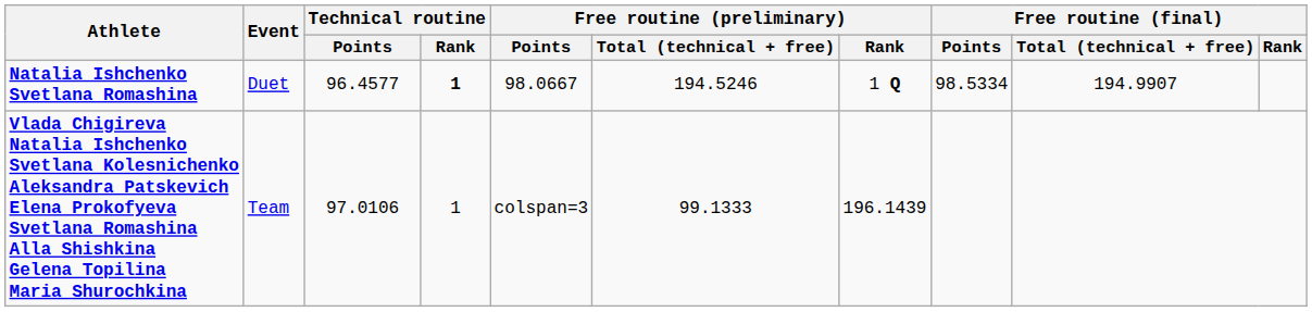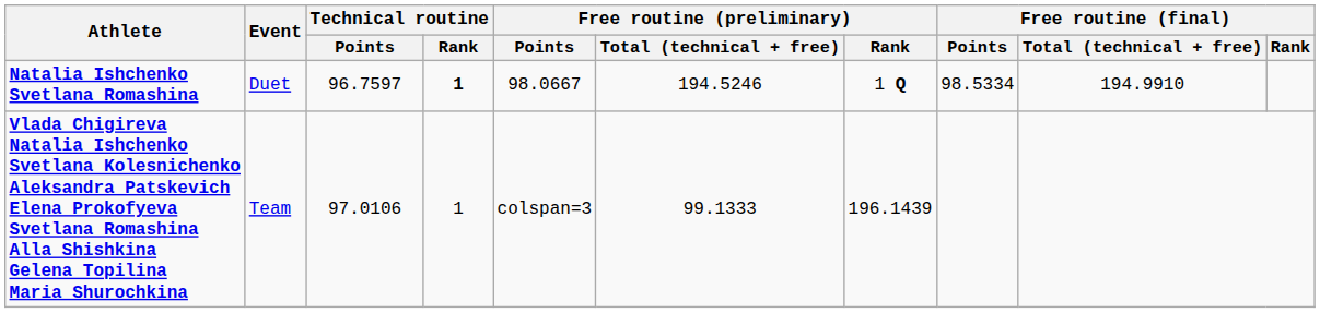 <table class="wikitable" style="font-size:90%">
 <tr>
 <th rowspan="2">Athlete</th>
 <th rowspan="2">Event</th>
 <th colspan=2>Technical routine</th>
 <th colspan=3>Free routine (preliminary)</th>
 <th colspan=3>Free routine (final)</th>
 </tr>
 <tr style="font-size:95%">
 <th>Points</th>
 <th>Rank</th>
 <th>Points</th>
 <th>Total (technical + free)</th>
 <th>Rank</th>
 <th>Points</th>
 <th>Total (technical + free)</th>
 <th>Rank</th>
 </tr>
 <tr align=center>
 <td align=left><strong><a href='#'>Natalia Ishchenko</a><br><a href='#'>Svetlana Romashina</a></strong></td>
 <td align=left><a href='#'>Duet</a></td>
-<td>96.4577</td>
+<td>96.7597</td>
 <td><strong>1</strong></td>
 <td>98.0667</td>
 <td>194.5246</td>
 <td>1 <strong>Q</strong></td>
 <td>98.5334</td>
-<td>194.9907</td>
+<td>194.9910</td>
 <td></td>
 </tr>
 <tr align=center>
 <td align=left><strong><a href='#'>Vlada Chigireva</a><br><a href='#'>Natalia Ishchenko</a><br><a href='#'>Svetlana Kolesnichenko</a><br><a href='#'>Aleksandra Patskevich</a><br><a href='#'>Elena Prokofyeva</a><br><a href='#'>Svetlana Romashina</a><br><a href='#'>Alla Shishkina</a><br><a href='#'>Gelena Topilina</a><br><a href='#'>Maria Shurochkina</a></strong></td>
 <td align=left><a href='#'>Team</a></td>
 <td>97.0106</td>
 <td>1</td>
 <td>colspan=3 </td>
 <td>99.1333</td>
 <td>196.1439</td>
 <td></td>
 </tr>
 </table>
